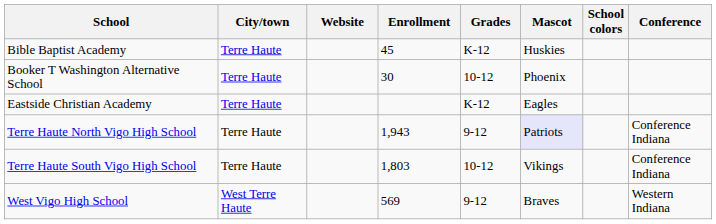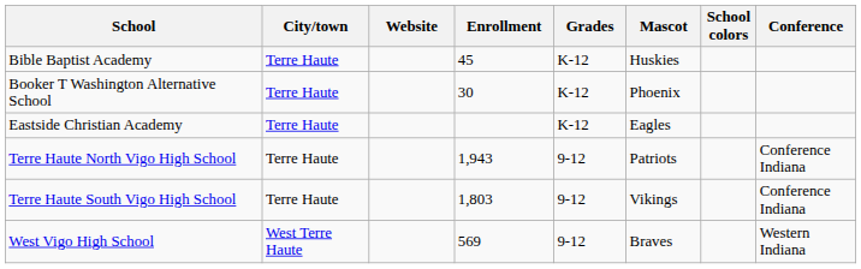 <table class="wikitable sortable" width="70%">
 <tr>
 <th width="20%">School</th>
 <th width="08%">City/town</th>
 <th width="06%">Website</th>
 <th width="04%">Enrollment</th>
 <th width="04%">Grades</th>
 <th width="04%">Mascot</th>
 <th width=01%>School colors</th>
 <th width="04%">Conference</th>
 </tr>
 <tr>
 <td>Bible Baptist Academy</td>
 <td><a href='#'>Terre Haute</a></td>
 <td></td>
 <td>45</td>
 <td>K-12</td>
 <td>Huskies</td>
 <td></td>
 <td></td>
 </tr>
 <tr>
 <td>Booker T Washington Alternative School</td>
 <td><a href='#'>Terre Haute</a></td>
 <td></td>
 <td>30</td>
-<td>10-12</td>
+<td>K-12</td>
 <td>Phoenix</td>
 <td></td>
 <td></td>
 </tr>
 <tr>
 <td>Eastside Christian Academy</td>
 <td><a href='#'>Terre Haute</a></td>
 <td></td>
 <td></td>
 <td>K-12</td>
 <td>Eagles</td>
 <td></td>
 <td></td>
 </tr>
 <tr>
 <td><a href='#'>Terre Haute North Vigo High School</a></td>
 <td>Terre Haute</td>
 <td></td>
 <td>1,943</td>
 <td>9-12</td>
-<td style="background: lavender;">Patriots</td>
+<td>Patriots</td>
 <td>  </td>
 <td>Conference Indiana</td>
 </tr>
 <tr>
 <td><a href='#'>Terre Haute South Vigo High School</a></td>
 <td>Terre Haute</td>
 <td></td>
 <td>1,803</td>
-<td>10-12</td>
+<td>9-12</td>
 <td>Vikings</td>
 <td>  </td>
 <td>Conference Indiana</td>
 </tr>
 <tr>
 <td><a href='#'>West Vigo High School</a></td>
 <td><a href='#'>West Terre Haute</a></td>
 <td></td>
 <td>569</td>
 <td>9-12</td>
 <td>Braves</td>
 <td>  </td>
 <td>Western Indiana</td>
 </tr>
 </table>
